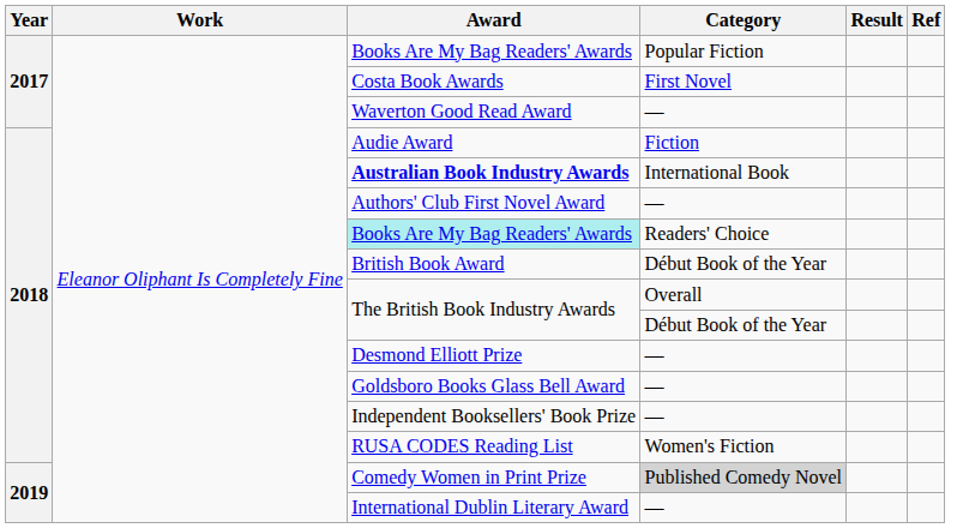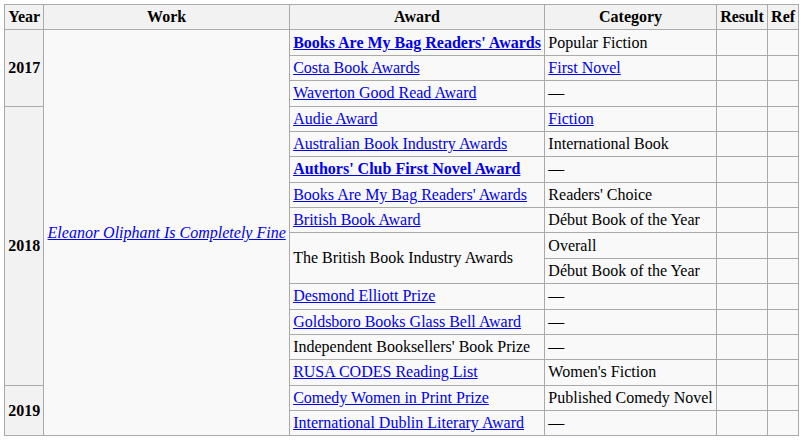 <table class="wikitable">
 <tr>
 <th>Year</th>
 <th>Work</th>
 <th>Award</th>
 <th>Category</th>
 <th>Result</th>
 <th>Ref</th>
 </tr>
 <tr>
 <th rowspan="3">2017</th>
 <td rowspan="16"><em><a href='#'>Eleanor Oliphant Is Completely Fine</a></em></td>
-<td><a href='#'>Books Are My Bag Readers' Awards</a></td>
+<td><strong><a href='#'>Books Are My Bag Readers' Awards</a></strong></td>
 <td>Popular Fiction</td>
 <td></td>
 <td></td>
 </tr>
 <tr>
 <td><a href='#'>Costa Book Awards</a></td>
 <td><a href='#'>First Novel</a></td>
 <td></td>
 <td></td>
 </tr>
 <tr>
 <td><a href='#'>Waverton Good Read Award</a></td>
 <td>—</td>
 <td></td>
 <td></td>
 </tr>
 <tr>
 <th rowspan="11">2018</th>
 <td><a href='#'>Audie Award</a></td>
 <td><a href='#'>Fiction</a></td>
 <td></td>
 <td></td>
 </tr>
 <tr>
-<td><strong><a href='#'>Australian Book Industry Awards</a></strong></td>
+<td><a href='#'>Australian Book Industry Awards</a></td>
 <td>International Book</td>
 <td></td>
 <td></td>
 </tr>
 <tr>
-<td><a href='#'>Authors' Club First Novel Award</a></td>
+<td><strong><a href='#'>Authors' Club First Novel Award</a></strong></td>
 <td>—</td>
 <td></td>
 <td></td>
 </tr>
 <tr>
-<td style="background: paleturquoise;"><a href='#'>Books Are My Bag Readers' Awards</a></td>
+<td><a href='#'>Books Are My Bag Readers' Awards</a></td>
 <td>Readers' Choice</td>
 <td></td>
 <td></td>
 </tr>
 <tr>
 <td><a href='#'>British Book Award</a></td>
 <td>Début Book of the Year</td>
 <td></td>
 <td></td>
 </tr>
 <tr>
 <td rowspan="2">The British Book Industry Awards</td>
 <td>Overall</td>
 <td></td>
 <td></td>
 </tr>
 <tr>
 <td>Début Book of the Year</td>
 <td></td>
 <td></td>
 </tr>
 <tr>
 <td><a href='#'>Desmond Elliott Prize</a></td>
 <td>—</td>
 <td></td>
 <td></td>
 </tr>
 <tr>
 <td><a href='#'>Goldsboro Books Glass Bell Award</a></td>
 <td>—</td>
 <td></td>
 <td></td>
 </tr>
 <tr>
 <td>Independent Booksellers' Book Prize</td>
 <td>—</td>
 <td></td>
 <td></td>
 </tr>
 <tr>
 <td><a href='#'>RUSA CODES Reading List</a></td>
 <td>Women's Fiction</td>
 <td></td>
 <td></td>
 </tr>
 <tr>
 <th rowspan="2">2019</th>
 <td><a href='#'>Comedy Women in Print Prize</a></td>
-<td style="background: lightgrey;">Published Comedy Novel</td>
+<td>Published Comedy Novel</td>
 <td></td>
 <td></td>
 </tr>
 <tr>
 <td><a href='#'>International Dublin Literary Award</a></td>
 <td>—</td>
 <td></td>
 <td></td>
 </tr>
 </table>
